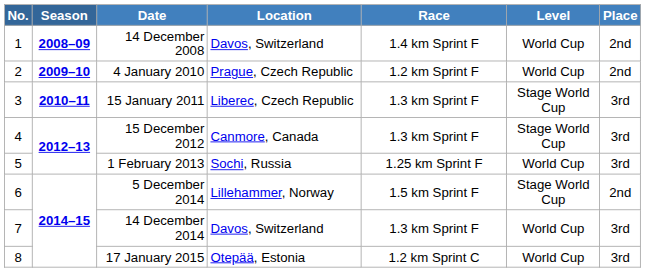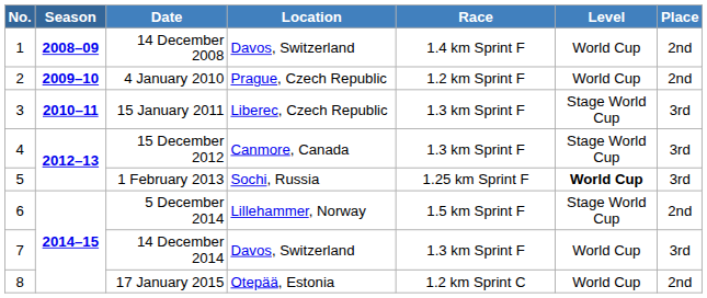 <table class="wikitable sortable" style="font-size:95%; text-align:center; border:grey solid 1px; border-collapse:collapse; background:#ffffff;">
 <tr style="background:#efefef;">
 <th style="background-color:#369; color:white;">No.</th>
 <th style="background-color:#369; color:white;">Season</th>
 <th style="background-color:#4180be; color:white; width:120px;">Date</th>
 <th style="background-color:#4180be; color:white; width:170px;">Location</th>
 <th style="background-color:#4180be; color:white; width:160px;">Race</th>
 <th style="background-color:#4180be; color:white; width:100px;">Level</th>
 <th style="background-color:#4180be; color:white;">Place</th>
 </tr>
 <tr>
 <td align=center>1</td>
 <td rowspan=1 align=center><strong> <a href='#'>2008–09</a> </strong></td>
 <td align=right>14 December 2008</td>
 <td align=left> <a href='#'>Davos</a>, Switzerland</td>
 <td>1.4 km Sprint F</td>
 <td>World Cup</td>
 <td>2nd</td>
 </tr>
 <tr>
 <td align=center>2</td>
 <td rowspan=1 align=center><strong> <a href='#'>2009–10</a> </strong></td>
 <td align=right>4 January 2010</td>
 <td align=left> <a href='#'>Prague</a>, Czech Republic</td>
 <td>1.2 km Sprint F</td>
 <td>World Cup</td>
 <td>2nd</td>
 </tr>
 <tr>
 <td align=center>3</td>
 <td rowspan=1 align=center><strong> <a href='#'>2010–11</a> </strong></td>
 <td align=right>15 January 2011</td>
 <td align=left> <a href='#'>Liberec</a>, Czech Republic</td>
 <td>1.3 km Sprint F</td>
 <td>Stage World Cup</td>
 <td>3rd</td>
 </tr>
 <tr>
 <td align=center>4</td>
 <td rowspan=2 align=center><strong> <a href='#'>2012–13</a> </strong></td>
 <td align=right>15 December 2012</td>
 <td align=left> <a href='#'>Canmore</a>, Canada</td>
 <td>1.3 km Sprint F</td>
 <td>Stage World Cup</td>
 <td>3rd</td>
 </tr>
 <tr>
 <td align=center>5</td>
 <td align=right>1 February 2013</td>
 <td align=left> <a href='#'>Sochi</a>, Russia</td>
 <td>1.25 km Sprint F</td>
-<td>World Cup</td>
+<td><strong>World Cup</strong></td>
 <td>3rd</td>
 </tr>
 <tr>
 <td align=center>6</td>
 <td rowspan=3 align=center><strong> <a href='#'>2014–15</a> </strong></td>
 <td align=right>5 December 2014</td>
 <td align=left> <a href='#'>Lillehammer</a>, Norway</td>
 <td>1.5 km Sprint F</td>
 <td>Stage World Cup</td>
 <td>2nd</td>
 </tr>
 <tr>
 <td align=center>7</td>
 <td align=right>14 December 2014</td>
 <td align=left> <a href='#'>Davos</a>, Switzerland</td>
 <td>1.3 km Sprint F</td>
 <td>World Cup</td>
 <td>3rd</td>
 </tr>
 <tr>
 <td align=center>8</td>
 <td align=right>17 January 2015</td>
 <td align=left> <a href='#'>Otepää</a>, Estonia</td>
 <td>1.2 km Sprint C</td>
 <td>World Cup</td>
-<td>3rd</td>
+<td>2nd</td>
 </tr>
 </table>
